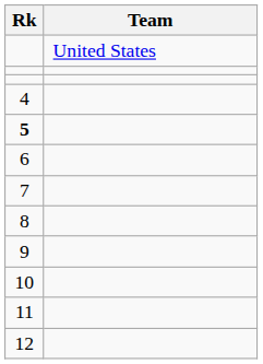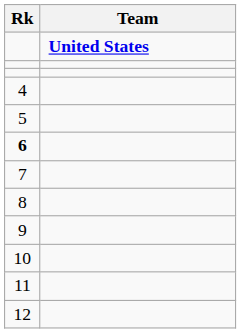 <table class=wikitable style=text-align:center>
 <tr>
 <th width=25>Rk</th>
 <th width=170>Team</th>
 </tr>
 <tr>
 <td></td>
-<td align=left> <a href='#'>United States</a></td>
+<td align=left><strong> <a href='#'>United States</a></strong></td>
 </tr>
 <tr>
 <td></td>
 <td align=left></td>
 </tr>
 <tr>
 <td></td>
 <td align=left></td>
 </tr>
 <tr>
 <td>4</td>
 <td align=left></td>
 </tr>
 <tr>
-<td><strong>5</strong></td>
+<td>5</td>
 <td align=left></td>
 </tr>
 <tr>
-<td>6</td>
+<td><strong>6</strong></td>
 <td align=left></td>
 </tr>
 <tr>
 <td>7</td>
 <td align=left></td>
 </tr>
 <tr>
 <td>8</td>
 <td align=left></td>
 </tr>
 <tr>
 <td>9</td>
 <td align=left></td>
 </tr>
 <tr>
 <td>10</td>
 <td align=left></td>
 </tr>
 <tr>
 <td>11</td>
 <td align=left></td>
 </tr>
 <tr>
 <td>12</td>
 <td align=left></td>
 </tr>
 </table>
